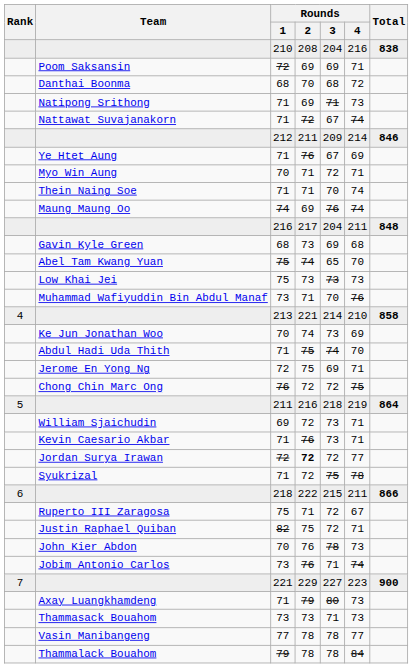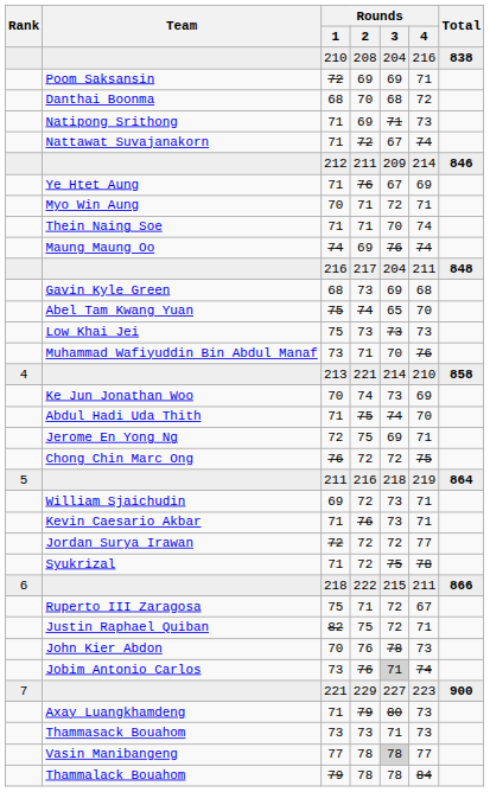 <table class=wikitable style="text-align:center">
 <tr>
 <th rowspan="2">Rank</th>
 <th rowspan="2">Team</th>
 <th colspan="4">Rounds</th>
 <th rowspan="2">Total</th>
 </tr>
 <tr>
 <th>1</th>
 <th>2</th>
 <th>3</th>
 <th>4</th>
 </tr>
 <tr style="background:#eeeeee;">
 <td></td>
 <td align=left></td>
 <td>210</td>
 <td>208</td>
 <td>204</td>
 <td>216</td>
 <td><strong>838</strong></td>
 </tr>
 <tr>
 <td></td>
 <td align=left><a href='#'>Poom Saksansin</a></td>
 <td><s>72 </s></td>
 <td>69</td>
 <td>69</td>
 <td>71</td>
 <td></td>
 </tr>
 <tr>
 <td></td>
 <td align=left><a href='#'>Danthai Boonma</a></td>
 <td>68</td>
 <td>70</td>
 <td>68</td>
 <td>72</td>
 <td></td>
 </tr>
 <tr>
 <td></td>
 <td align=left><a href='#'>Natipong Srithong</a></td>
 <td>71</td>
 <td>69</td>
 <td><s>71 </s></td>
 <td>73</td>
 <td></td>
 </tr>
 <tr>
 <td></td>
 <td align=left><a href='#'>Nattawat Suvajanakorn</a></td>
 <td>71</td>
 <td><s>72 </s></td>
 <td>67</td>
 <td><s>74 </s></td>
 <td></td>
 </tr>
 <tr style="background:#eeeeee;">
 <td></td>
 <td align=left></td>
 <td>212</td>
 <td>211</td>
 <td>209</td>
 <td>214</td>
 <td><strong>846</strong></td>
 </tr>
 <tr>
 <td></td>
 <td align=left><a href='#'>Ye Htet Aung</a></td>
 <td>71</td>
 <td><s>76 </s></td>
 <td>67</td>
 <td>69</td>
 <td></td>
 </tr>
 <tr>
 <td></td>
 <td align=left><a href='#'>Myo Win Aung</a></td>
 <td>70</td>
 <td>71</td>
 <td>72</td>
 <td>71</td>
 <td></td>
 </tr>
 <tr>
 <td></td>
 <td align=left><a href='#'>Thein Naing Soe</a></td>
 <td>71</td>
 <td>71</td>
 <td>70</td>
 <td>74</td>
 <td></td>
 </tr>
 <tr>
 <td></td>
 <td align=left><a href='#'>Maung Maung Oo</a></td>
 <td><s>74 </s></td>
 <td>69</td>
 <td><s>76 </s></td>
 <td><s>74 </s></td>
 <td></td>
 </tr>
 <tr style="background:#eeeeee;">
 <td></td>
 <td align=left></td>
 <td>216</td>
 <td>217</td>
 <td>204</td>
 <td>211</td>
 <td><strong>848</strong></td>
 </tr>
 <tr>
 <td></td>
 <td align=left><a href='#'>Gavin Kyle Green</a></td>
 <td>68</td>
 <td>73</td>
 <td>69</td>
 <td>68</td>
 <td></td>
 </tr>
 <tr>
 <td></td>
 <td align=left><a href='#'>Abel Tam Kwang Yuan</a></td>
 <td><s>75 </s></td>
 <td><s>74 </s></td>
 <td>65</td>
 <td>70</td>
 <td></td>
 </tr>
 <tr>
 <td></td>
 <td align=left><a href='#'>Low Khai Jei</a></td>
 <td>75</td>
 <td>73</td>
 <td><s>73 </s></td>
 <td>73</td>
 <td></td>
 </tr>
 <tr>
 <td></td>
 <td align=left><a href='#'>Muhammad Wafiyuddin Bin Abdul Manaf</a></td>
 <td>73</td>
 <td>71</td>
 <td>70</td>
 <td><s>76 </s></td>
 <td></td>
 </tr>
 <tr style="background:#eeeeee;">
 <td>4</td>
 <td align=left></td>
 <td>213</td>
 <td>221</td>
 <td>214</td>
 <td>210</td>
 <td><strong>858</strong></td>
 </tr>
 <tr>
 <td></td>
 <td align=left><a href='#'>Ke Jun Jonathan Woo</a></td>
 <td>70</td>
 <td>74</td>
 <td>73</td>
 <td>69</td>
 <td></td>
 </tr>
 <tr>
 <td></td>
 <td align=left><a href='#'>Abdul Hadi Uda Thith</a></td>
 <td>71</td>
 <td><s>75 </s></td>
 <td><s>74 </s></td>
 <td>70</td>
 <td></td>
 </tr>
 <tr>
 <td></td>
 <td align=left><a href='#'>Jerome En Yong Ng</a></td>
 <td>72</td>
 <td>75</td>
 <td>69</td>
 <td>71</td>
 <td></td>
 </tr>
 <tr>
 <td></td>
 <td align=left><a href='#'>Chong Chin Marc Ong</a></td>
 <td><s>76 </s></td>
 <td>72</td>
 <td>72</td>
 <td><s>75 </s></td>
 <td></td>
 </tr>
 <tr style="background:#eeeeee;">
 <td>5</td>
 <td align=left></td>
 <td>211</td>
 <td>216</td>
 <td>218</td>
 <td>219</td>
 <td><strong>864</strong></td>
 </tr>
 <tr>
 <td></td>
 <td align=left><a href='#'>William Sjaichudin</a></td>
 <td>69</td>
 <td>72</td>
 <td>73</td>
 <td>71</td>
 <td></td>
 </tr>
 <tr>
 <td></td>
 <td align=left><a href='#'>Kevin Caesario Akbar</a></td>
 <td>71</td>
 <td><s>76 </s></td>
 <td>73</td>
 <td>71</td>
 <td></td>
 </tr>
 <tr>
 <td></td>
 <td align=left><a href='#'>Jordan Surya Irawan</a></td>
 <td><s>72 </s></td>
-<td><strong>72</strong></td>
+<td>72</td>
 <td>72</td>
 <td>77</td>
 <td></td>
 </tr>
 <tr>
 <td></td>
 <td align=left><a href='#'>Syukrizal</a></td>
 <td>71</td>
 <td>72</td>
 <td><s>75 </s></td>
 <td><s>78 </s></td>
 <td></td>
 </tr>
 <tr style="background:#eeeeee;">
 <td>6</td>
 <td align=left></td>
 <td>218</td>
 <td>222</td>
 <td>215</td>
 <td>211</td>
 <td><strong>866</strong></td>
 </tr>
 <tr>
 <td></td>
 <td align=left><a href='#'>Ruperto III Zaragosa</a></td>
 <td>75</td>
 <td>71</td>
 <td>72</td>
 <td>67</td>
 <td></td>
 </tr>
 <tr>
 <td></td>
 <td align=left><a href='#'>Justin Raphael Quiban</a></td>
 <td><s>82 </s></td>
 <td>75</td>
 <td>72</td>
 <td>71</td>
 <td></td>
 </tr>
 <tr>
 <td></td>
 <td align=left><a href='#'>John Kier Abdon</a></td>
 <td>70</td>
 <td>76</td>
 <td><s>78 </s></td>
 <td>73</td>
 <td></td>
 </tr>
 <tr>
 <td></td>
 <td align=left><a href='#'>Jobim Antonio Carlos</a></td>
 <td>73</td>
 <td><s>76 </s></td>
-<td>71</td>
+<td style="background: lightgrey;">71</td>
 <td><s>74 </s></td>
 <td></td>
 </tr>
 <tr style="background:#eeeeee;">
 <td>7</td>
 <td align=left></td>
 <td>221</td>
 <td>229</td>
 <td>227</td>
 <td>223</td>
 <td><strong>900</strong></td>
 </tr>
 <tr>
 <td></td>
 <td align=left><a href='#'>Axay Luangkhamdeng</a></td>
 <td>71</td>
 <td><s>79 </s></td>
 <td><s>80 </s></td>
 <td>73</td>
 <td></td>
 </tr>
 <tr>
 <td></td>
 <td align=left><a href='#'>Thammasack Bouahom</a></td>
 <td>73</td>
 <td>73</td>
 <td>71</td>
 <td>73</td>
 <td></td>
 </tr>
 <tr>
 <td></td>
 <td align=left><a href='#'>Vasin Manibangeng</a></td>
 <td>77</td>
 <td>78</td>
-<td>78</td>
+<td style="background: lightgrey;">78</td>
 <td>77</td>
 <td></td>
 </tr>
 <tr>
 <td></td>
 <td align=left><a href='#'>Thammalack Bouahom</a></td>
 <td><s>79 </s></td>
 <td>78</td>
 <td>78</td>
 <td><s>84 </s></td>
 <td></td>
 </tr>
 </table>
